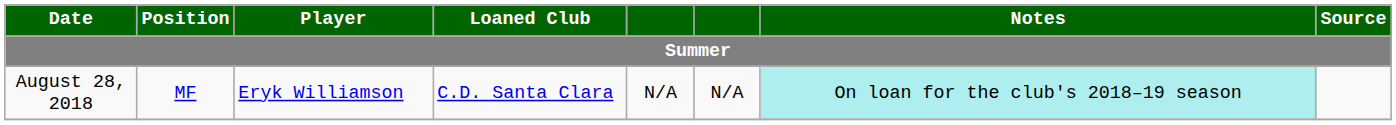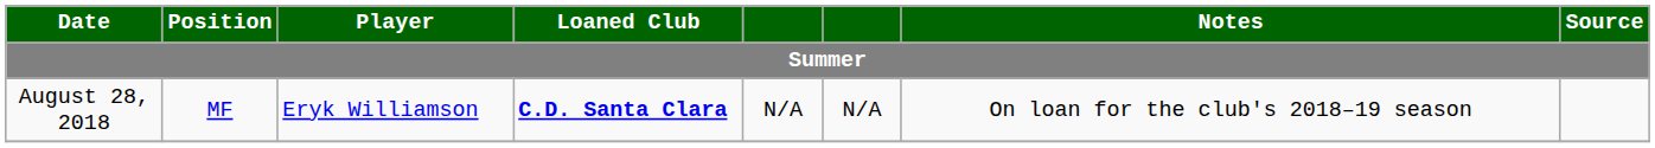 <table class="wikitable" style="text-align:center; font-size:90%; width:100%;">
 <tr>
 <th style="background:darkgreen; color:white; text-align:center; width:10%">Date</th>
 <th style="background:darkgreen; color:white; text-align:center; width:5%">Position</th>
 <th style="background:darkgreen; color:white; text-align:center; width:15%">Player</th>
 <th style="background:darkgreen; color:white; text-align:center; width:15%">Loaned Club</th>
 <th style="background:darkgreen; color:white; text-align:center; width:5%"></th>
 <th style="background:darkgreen; color:white; text-align:center; width:5%"></th>
 <th style="background:darkgreen; color:white; text-align:center; width:44%">Notes</th>
 <th style="background:darkgreen; color:white; text-align:center; width:1%">Source</th>
 </tr>
 <tr>
 <th colspan="8" style="background:gray; color:white; text-align:center;">Summer</th>
 </tr>
 <tr>
 <td style="text-align:center;">August 28, 2018</td>
 <td style="text-align:center;"><a href='#'>MF</a></td>
 <td align=left> <a href='#'>Eryk Williamson</a></td>
-<td align=left> <a href='#'>C.D. Santa Clara</a></td>
+<td align=left><strong> <a href='#'>C.D. Santa Clara</a></strong></td>
 <td style="text-align:center;">N/A</td>
 <td style="text-align:center;">N/A</td>
-<td style="background: paleturquoise;">On loan for the club's 2018–19 season</td>
+<td>On loan for the club's 2018–19 season</td>
 <td style="text-align:center;"></td>
 </tr>
 <tr>
 </tr>
 </table>
